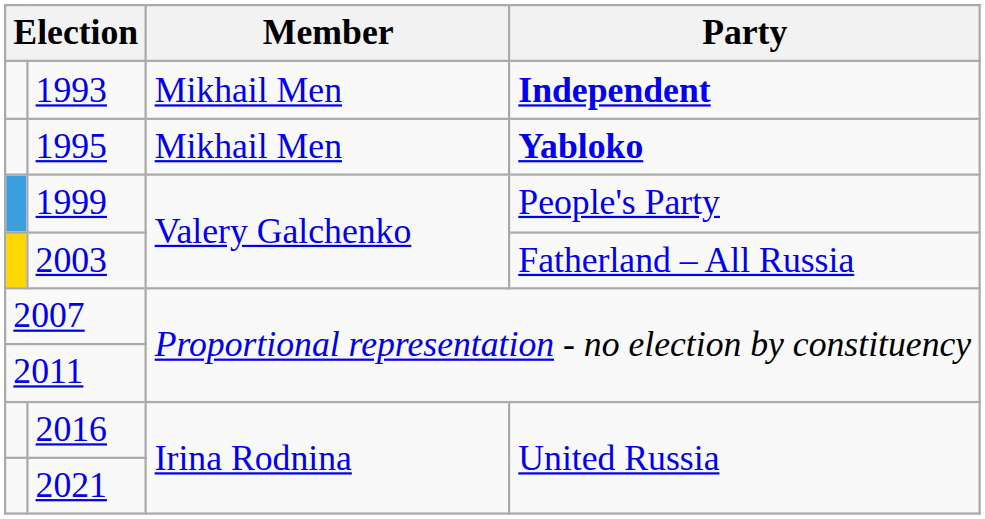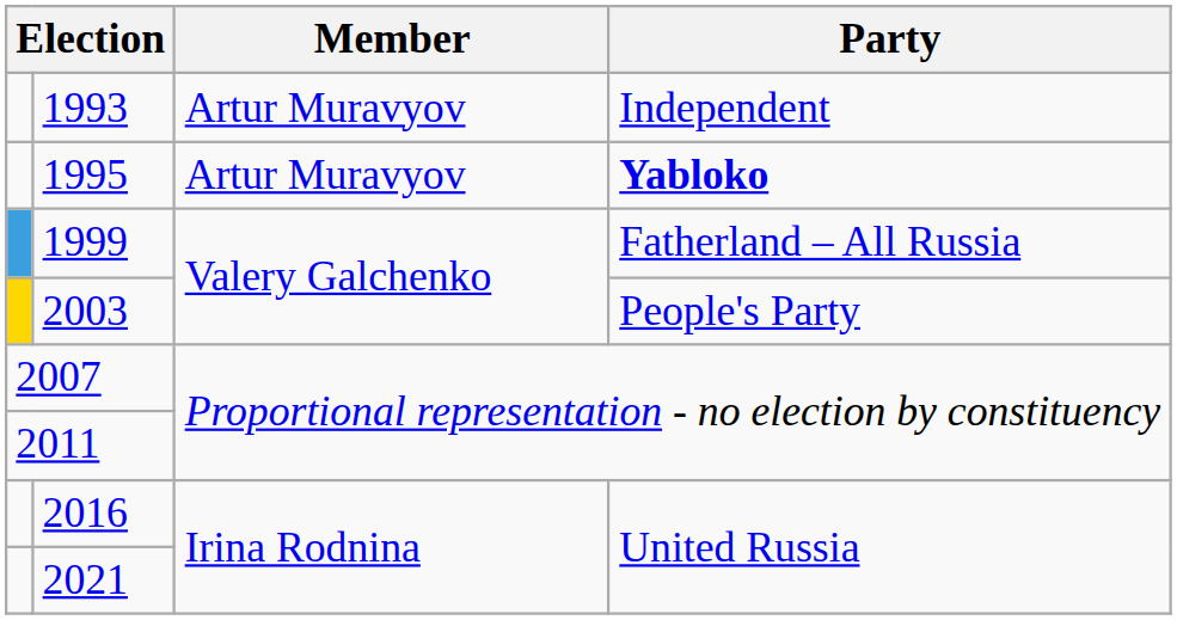 <table class="wikitable">
 <tr>
 <th colspan="2">Election</th>
 <th>Member</th>
 <th>Party</th>
 </tr>
 <tr>
 <td style="background-color:"></td>
 <td><a href='#'>1993</a></td>
-<td><a href='#'>Mikhail Men</a></td>
-<td><strong><a href='#'>Independent</a></strong></td>
+<td><a href='#'>Artur Muravyov</a></td>
+<td><a href='#'>Independent</a></td>
 </tr>
 <tr>
 <td style="background-color:"></td>
 <td><a href='#'>1995</a></td>
-<td><a href='#'>Mikhail Men</a></td>
+<td><a href='#'>Artur Muravyov</a></td>
 <td><strong><a href='#'>Yabloko</a></strong></td>
 </tr>
 <tr>
 <td style="background-color:#3B9EDF"></td>
 <td><a href='#'>1999</a></td>
 <td rowspan=2><a href='#'>Valery Galchenko</a></td>
-<td><a href='#'>People's Party</a></td>
+<td><a href='#'>Fatherland – All Russia</a></td>
 </tr>
 <tr>
 <td style="background-color:#FFD700"></td>
 <td><a href='#'>2003</a></td>
-<td><a href='#'>Fatherland – All Russia</a></td>
+<td><a href='#'>People's Party</a></td>
 </tr>
 <tr>
 <td colspan=2><a href='#'>2007</a></td>
 <td colspan=2 rowspan=2><em><a href='#'>Proportional representation</a> - no election by constituency</em></td>
 </tr>
 <tr>
 <td colspan=2><a href='#'>2011</a></td>
 </tr>
 <tr>
 <td style="background-color: "></td>
 <td><a href='#'>2016</a></td>
 <td rowspan=2><a href='#'>Irina Rodnina</a></td>
 <td rowspan=2><a href='#'>United Russia</a></td>
 </tr>
 <tr>
 <td style="background-color: "></td>
 <td><a href='#'>2021</a></td>
 </tr>
 </table>
